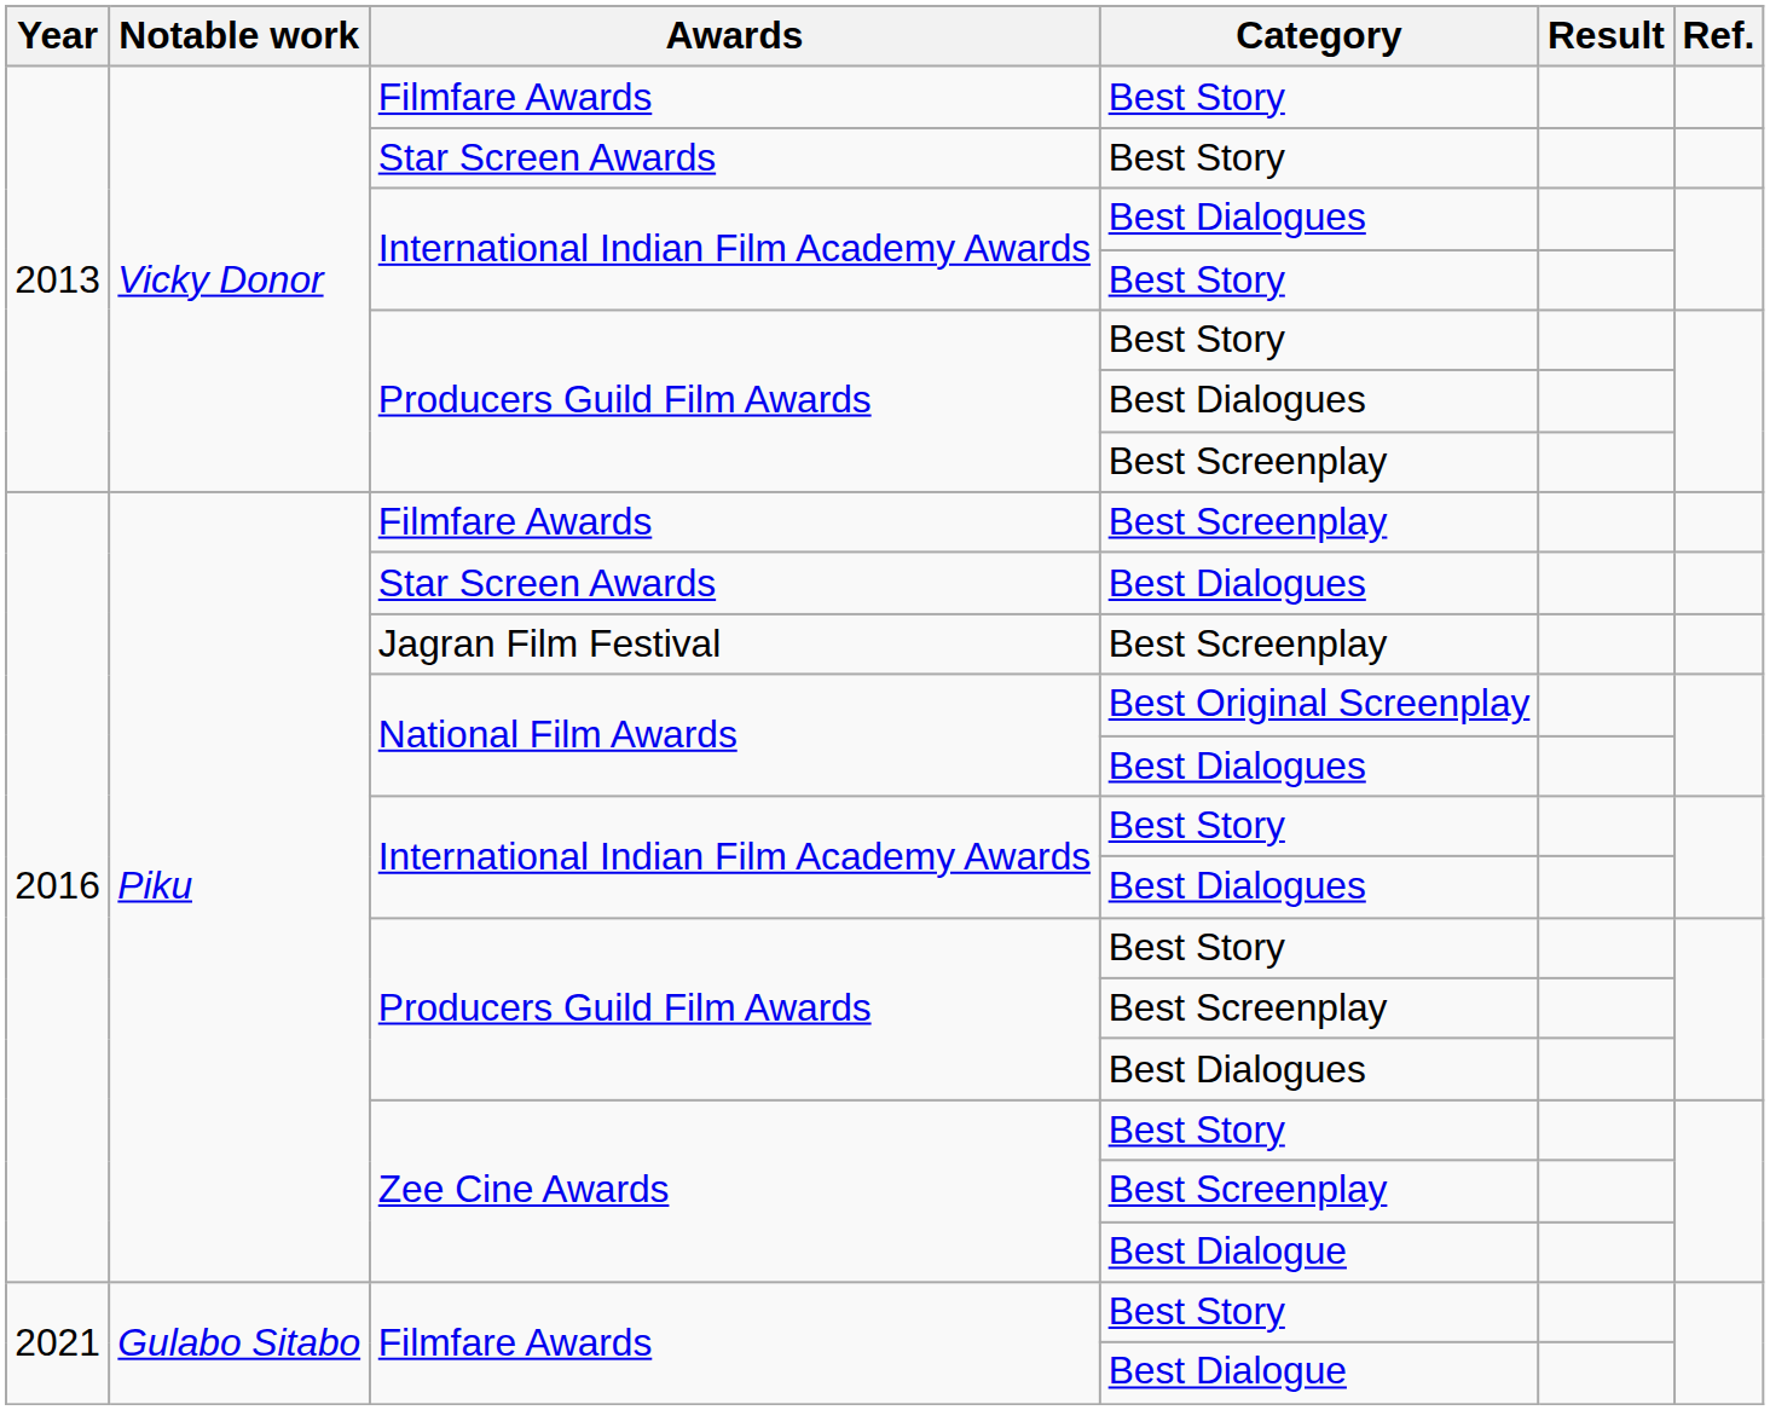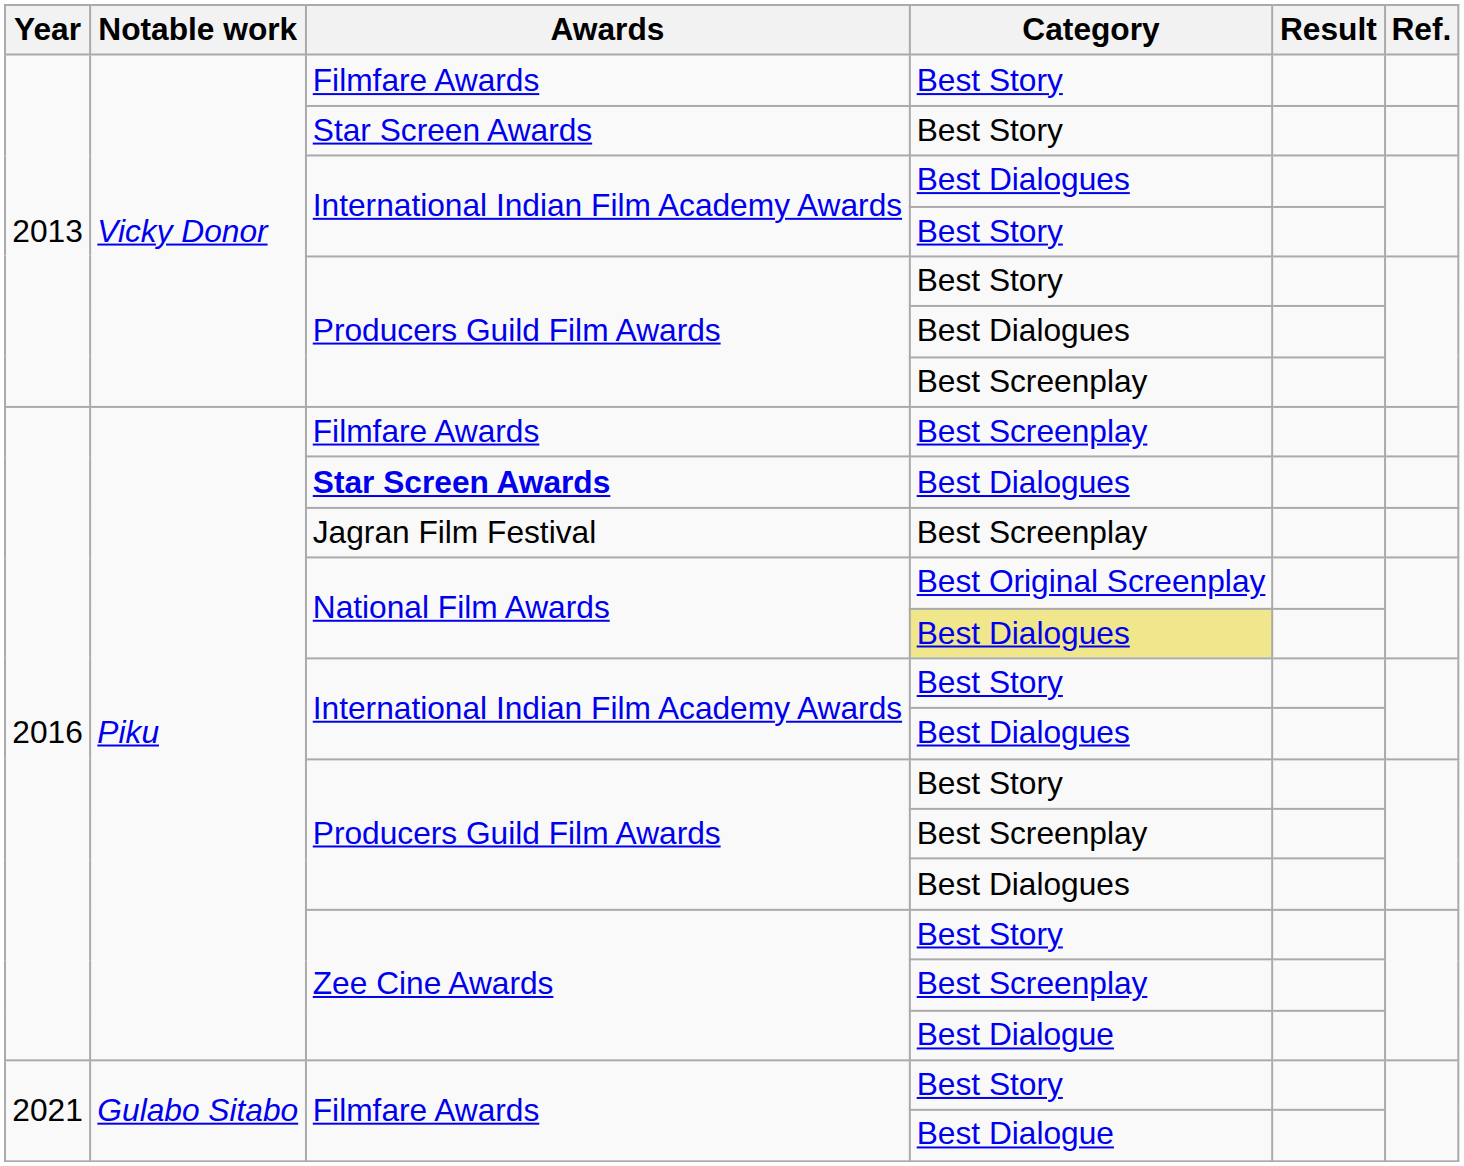 <table class="wikitable sortable">
 <tr>
 <th>Year</th>
 <th>Notable work</th>
 <th>Awards</th>
 <th>Category</th>
 <th>Result</th>
 <th>Ref.</th>
 </tr>
 <tr>
 <td rowspan="7">2013</td>
 <td rowspan="7"><em><a href='#'>Vicky Donor</a></em></td>
 <td><a href='#'>Filmfare Awards</a></td>
 <td><a href='#'>Best Story</a></td>
 <td></td>
 <td></td>
 </tr>
 <tr>
 <td><a href='#'>Star Screen Awards</a></td>
 <td>Best Story</td>
 <td></td>
 <td></td>
 </tr>
 <tr>
 <td rowspan="2"><a href='#'>International Indian Film Academy Awards</a></td>
 <td><a href='#'>Best Dialogues</a></td>
 <td></td>
 <td rowspan="2"><br></td>
 </tr>
 <tr>
 <td><a href='#'>Best Story</a></td>
 <td></td>
 </tr>
 <tr>
 <td rowspan="3"><a href='#'>Producers Guild Film Awards</a></td>
 <td>Best Story</td>
 <td></td>
 <td rowspan="3"><br></td>
 </tr>
 <tr>
 <td>Best Dialogues</td>
 <td></td>
 </tr>
 <tr>
 <td>Best Screenplay</td>
 <td></td>
 </tr>
 <tr>
 <td rowspan="13">2016</td>
 <td rowspan="13"><em><a href='#'>Piku</a></em></td>
 <td><a href='#'>Filmfare Awards</a></td>
 <td><a href='#'>Best Screenplay</a></td>
 <td></td>
 <td></td>
 </tr>
 <tr>
-<td><a href='#'>Star Screen Awards</a></td>
+<td><strong><a href='#'>Star Screen Awards</a></strong></td>
 <td><a href='#'>Best Dialogues</a></td>
 <td></td>
 <td></td>
 </tr>
 <tr>
 <td>Jagran Film Festival</td>
 <td>Best Screenplay</td>
 <td></td>
 <td></td>
 </tr>
 <tr>
 <td rowspan="2"><a href='#'>National Film Awards</a></td>
 <td><a href='#'>Best Original Screenplay</a></td>
 <td></td>
 <td rowspan="2"></td>
 </tr>
 <tr>
-<td><a href='#'>Best Dialogues</a></td>
+<td style="background: khaki;"><a href='#'>Best Dialogues</a></td>
 <td></td>
 </tr>
 <tr>
 <td rowspan="2"><a href='#'>International Indian Film Academy Awards</a></td>
 <td><a href='#'>Best Story</a></td>
 <td></td>
 <td rowspan="2"></td>
 </tr>
 <tr>
 <td><a href='#'>Best Dialogues</a></td>
 <td></td>
 </tr>
 <tr>
 <td rowspan="3"><a href='#'>Producers Guild Film Awards</a></td>
 <td>Best Story</td>
 <td></td>
 <td rowspan="3"></td>
 </tr>
 <tr>
 <td>Best Screenplay</td>
 <td></td>
 </tr>
 <tr>
 <td>Best Dialogues</td>
 <td></td>
 </tr>
 <tr>
 <td rowspan="3"><a href='#'>Zee Cine Awards</a></td>
 <td><a href='#'>Best Story</a></td>
 <td></td>
 <td rowspan="3"></td>
 </tr>
 <tr>
 <td><a href='#'>Best Screenplay</a></td>
 <td></td>
 </tr>
 <tr>
 <td><a href='#'>Best Dialogue</a></td>
 <td></td>
 </tr>
 <tr>
 <td rowspan="2">2021</td>
 <td rowspan="2"><em><a href='#'>Gulabo Sitabo</a></em></td>
 <td rowspan="2"><a href='#'>Filmfare Awards</a></td>
 <td><a href='#'>Best Story</a></td>
 <td></td>
 <td rowspan="2"></td>
 </tr>
 <tr>
 <td><a href='#'>Best Dialogue</a></td>
 <td></td>
 </tr>
 </table>
